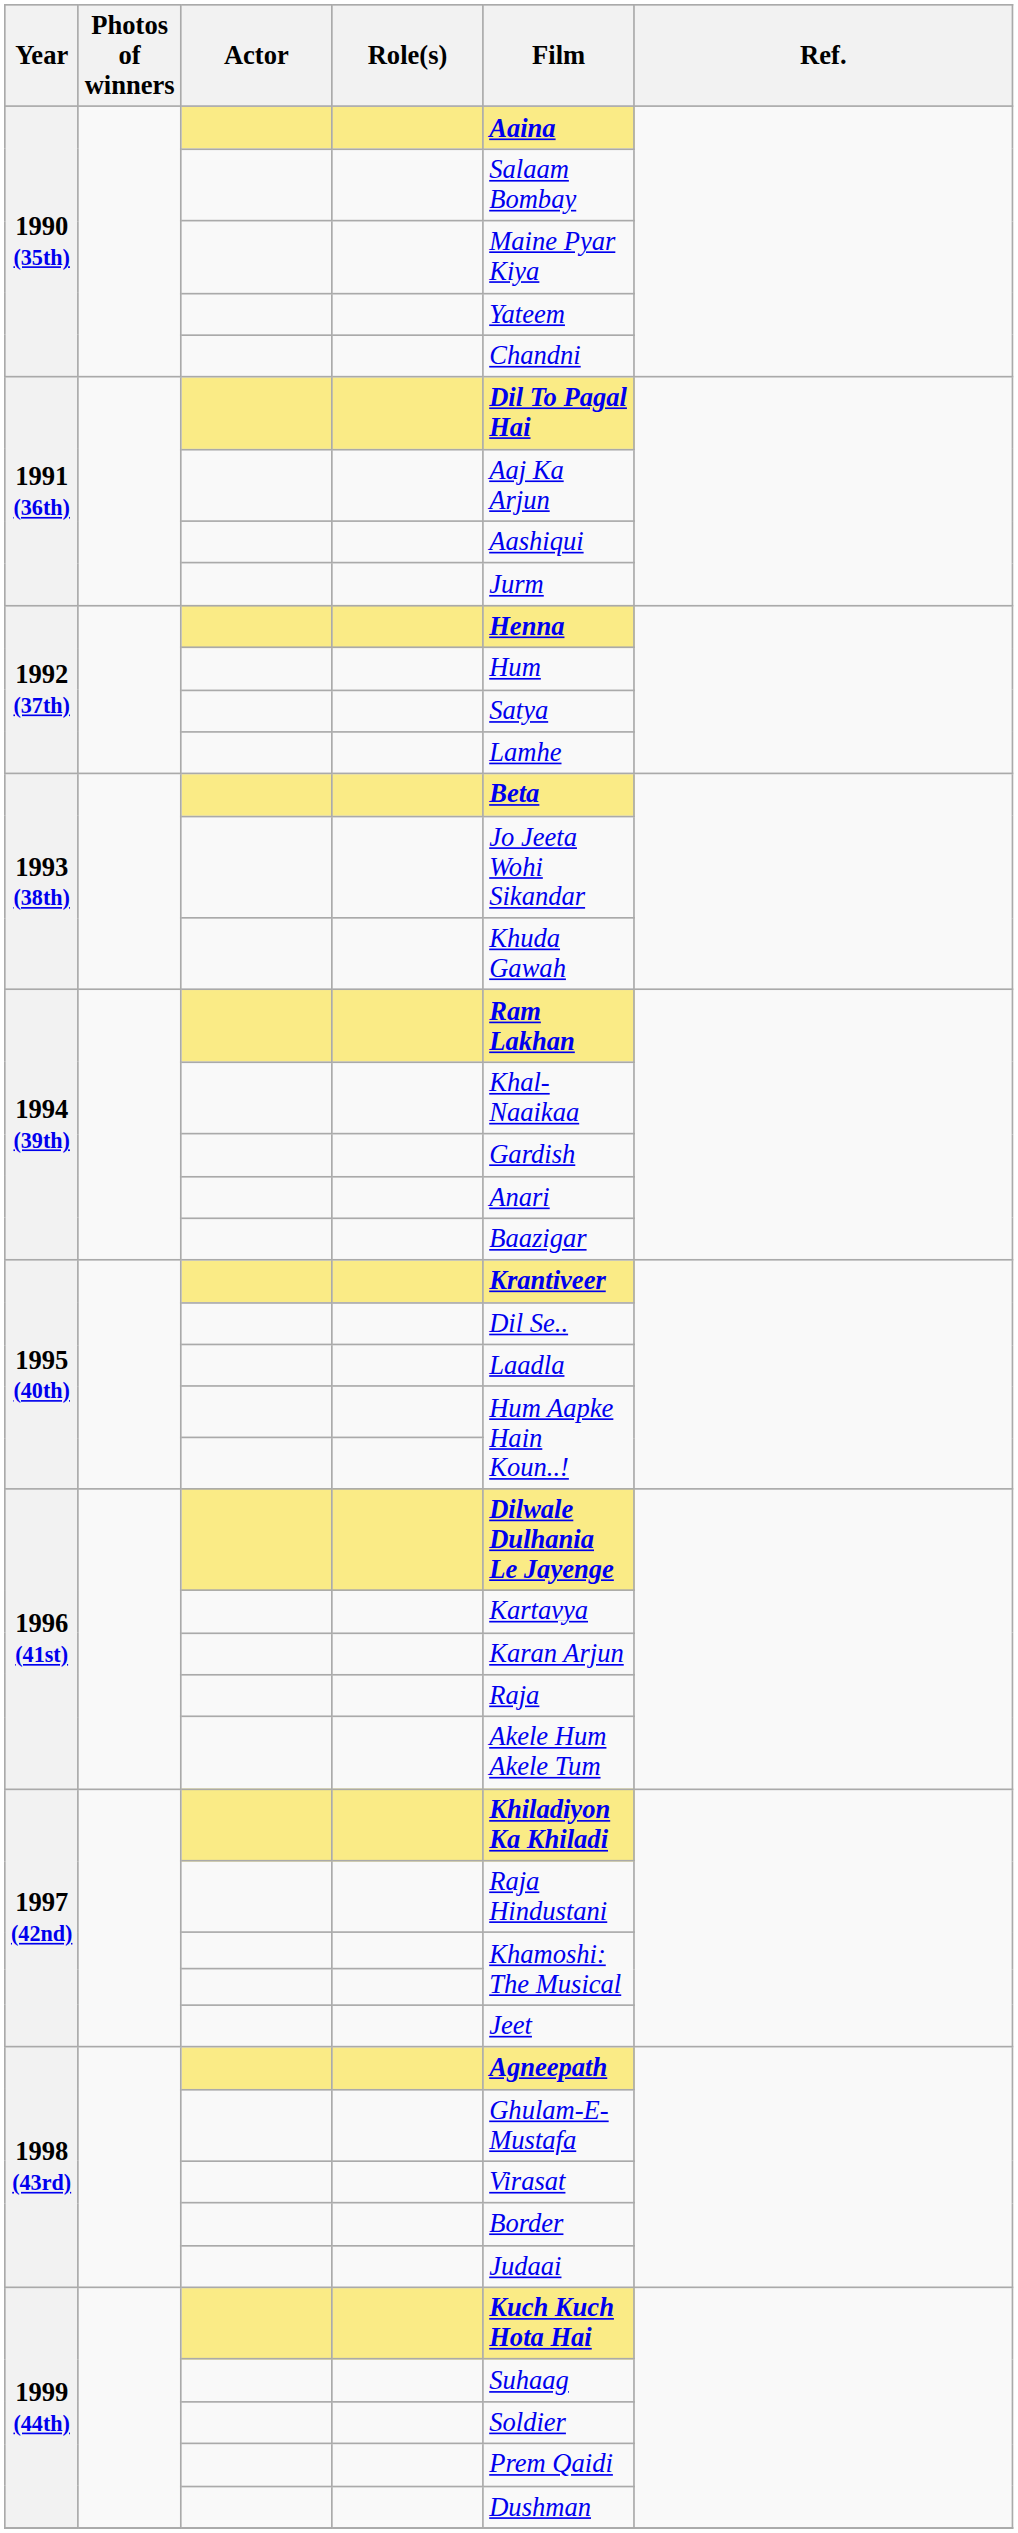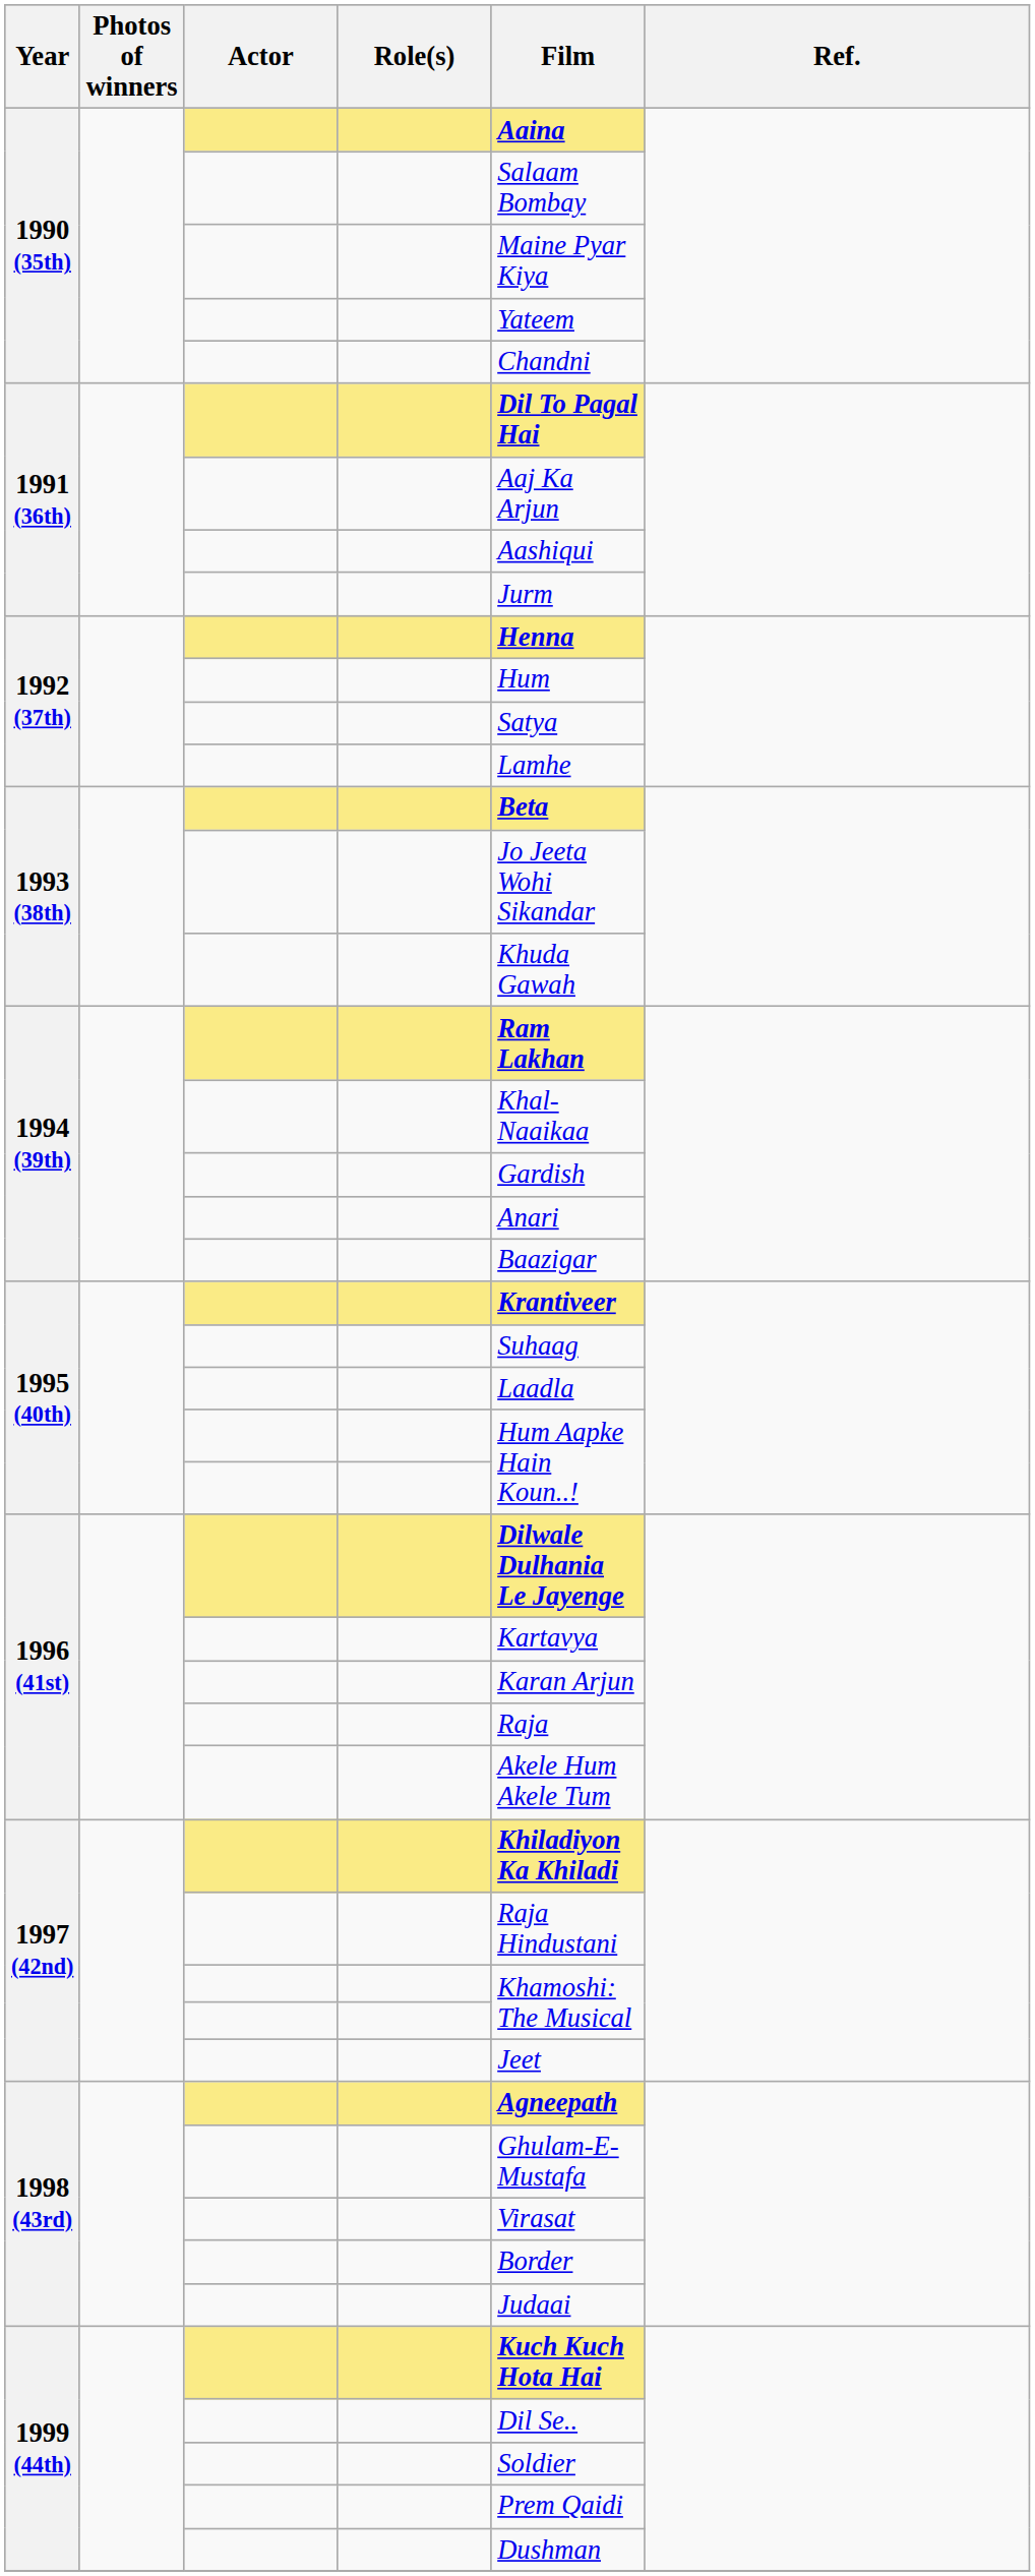 <table class="wikitable sortable" style="text-align:left;">
 <tr>
 <th scope="col" style="width:3%; text-align:center;">Year</th>
 <th scope="col" style="width:3%;text-align:center;">Photos of winners</th>
 <th scope="col" style="width:15%;text-align:center;">Actor</th>
 <th scope="col" style="width:15%;text-align:center;">Role(s)</th>
 <th scope="col" style="width:15%;text-align:center;">Film</th>
 <th>Ref.</th>
 </tr>
 <tr>
 <th scope="row" rowspan=5 style="text-align:center">1990 <br><small><a href='#'>(35th)</a> </small></th>
 <td rowspan=5 style="text-align:center"></td>
 <td style="background:#FAEB86;"><strong></strong> </td>
 <td style="background:#FAEB86;"><strong></strong></td>
 <td style="background:#FAEB86;"><strong><em><a href='#'>Aaina</a></em></strong></td>
 <td rowspan="5"></td>
 </tr>
 <tr>
 <td></td>
 <td></td>
 <td><em><a href='#'>Salaam Bombay</a></em></td>
 </tr>
 <tr>
 <td></td>
 <td></td>
 <td><em><a href='#'>Maine Pyar Kiya</a></em></td>
 </tr>
 <tr>
 <td></td>
 <td></td>
 <td><em><a href='#'>Yateem</a></em></td>
 </tr>
 <tr>
 <td></td>
 <td></td>
 <td><em><a href='#'>Chandni</a></em></td>
 </tr>
 <tr>
 <th scope="row" rowspan=4 style="text-align:center">1991 <br><small><a href='#'>(36th)</a> </small></th>
 <td rowspan=4 style="text-align:center"></td>
 <td style="background:#FAEB86;"><strong></strong> </td>
 <td style="background:#FAEB86;"><strong></strong></td>
 <td style="background:#FAEB86;"><strong><em><a href='#'>Dil To Pagal Hai</a></em></strong></td>
 <td rowspan="4"></td>
 </tr>
 <tr>
 <td></td>
 <td></td>
 <td><em><a href='#'>Aaj Ka Arjun</a></em></td>
 </tr>
 <tr>
 <td></td>
 <td></td>
 <td><em><a href='#'>Aashiqui</a></em></td>
 </tr>
 <tr>
 <td></td>
 <td></td>
 <td><em><a href='#'>Jurm</a></em></td>
 </tr>
 <tr>
 <th scope="row" rowspan=4 style="text-align:center">1992<br><small><a href='#'>(37th)</a></small></th>
 <td rowspan=4 style="text-align:center"></td>
 <td style="background:#FAEB86;"><strong></strong> </td>
 <td style="background:#FAEB86;"><strong></strong></td>
 <td style="background:#FAEB86;"><strong><em><a href='#'>Henna</a></em></strong></td>
 <td rowspan="4"></td>
 </tr>
 <tr>
 <td></td>
 <td></td>
 <td><em><a href='#'>Hum</a></em></td>
 </tr>
 <tr>
 <td></td>
 <td></td>
 <td><em><a href='#'>Satya</a></em></td>
 </tr>
 <tr>
 <td></td>
 <td></td>
 <td><em><a href='#'>Lamhe</a></em></td>
 </tr>
 <tr>
 <th scope="row" rowspan=3 style="text-align:center">1993 <br><small><a href='#'>(38th)</a> </small></th>
 <td rowspan=3 style="text-align:center"></td>
 <td style="background:#FAEB86;"><strong></strong> </td>
 <td style="background:#FAEB86;"><strong></strong></td>
 <td style="background:#FAEB86;"><strong><em><a href='#'>Beta</a></em></strong></td>
 <td rowspan="3"></td>
 </tr>
 <tr>
 <td></td>
 <td></td>
 <td><em><a href='#'>Jo Jeeta Wohi Sikandar</a></em></td>
 </tr>
 <tr>
 <td></td>
 <td></td>
 <td><em><a href='#'>Khuda Gawah</a></em></td>
 </tr>
 <tr>
 <th scope="row" rowspan=5 style="text-align:center">1994 <br><small><a href='#'>(39th)</a> </small></th>
 <td rowspan=5 style="text-align:center"></td>
 <td style="background:#FAEB86;"><strong></strong> </td>
 <td style="background:#FAEB86;"><strong></strong></td>
 <td style="background:#FAEB86;"><strong><em><a href='#'>Ram Lakhan</a></em></strong></td>
 <td rowspan="5"></td>
 </tr>
 <tr>
 <td></td>
 <td></td>
 <td><em><a href='#'>Khal-Naaikaa</a></em></td>
 </tr>
 <tr>
 <td></td>
 <td></td>
 <td><em><a href='#'>Gardish</a></em></td>
 </tr>
 <tr>
 <td></td>
 <td></td>
 <td><em><a href='#'>Anari</a></em></td>
 </tr>
 <tr>
 <td></td>
 <td></td>
 <td><em><a href='#'>Baazigar</a></em></td>
 </tr>
 <tr>
 <th scope="row" rowspan=5 style="text-align:center">1995 <br><small><a href='#'>(40th)</a> </small></th>
 <td rowspan=5 style="text-align:center"></td>
 <td style="background:#FAEB86;"><strong></strong> </td>
 <td style="background:#FAEB86;"><strong></strong></td>
 <td style="background:#FAEB86;"><strong><em><a href='#'>Krantiveer</a></em></strong></td>
 <td rowspan="5"></td>
 </tr>
 <tr>
 <td></td>
 <td></td>
-<td><em><a href='#'>Dil Se..</a></em></td>
+<td><em><a href='#'>Suhaag</a></em></td>
 </tr>
 <tr>
 <td></td>
 <td></td>
 <td><em><a href='#'>Laadla</a></em></td>
 </tr>
 <tr>
 <td></td>
 <td></td>
 <td rowspan="2"><em><a href='#'>Hum Aapke Hain Koun..!</a></em></td>
 </tr>
 <tr>
 <td></td>
 <td></td>
 </tr>
 <tr>
 <th scope="row" rowspan=5 style="text-align:center">1996<br><small><a href='#'>(41st)</a></small></th>
 <td rowspan=5 style="text-align:center"></td>
 <td style="background:#FAEB86;"><strong></strong> </td>
 <td style="background:#FAEB86;"><strong></strong></td>
 <td style="background:#FAEB86;"><strong><em><a href='#'>Dilwale Dulhania Le Jayenge</a></em></strong></td>
 <td rowspan="5"></td>
 </tr>
 <tr>
 <td></td>
 <td></td>
 <td><em><a href='#'>Kartavya</a></em></td>
 </tr>
 <tr>
 <td></td>
 <td></td>
 <td><em><a href='#'>Karan Arjun</a></em></td>
 </tr>
 <tr>
 <td></td>
 <td></td>
 <td><em><a href='#'>Raja</a></em></td>
 </tr>
 <tr>
 <td></td>
 <td></td>
 <td><em><a href='#'>Akele Hum Akele Tum</a></em></td>
 </tr>
 <tr>
 <th scope="row" rowspan=5 style="text-align:center">1997<br><small><a href='#'>(42nd)</a></small></th>
 <td rowspan=5 style="text-align:center"></td>
 <td style="background:#FAEB86;"><strong></strong> </td>
 <td style="background:#FAEB86;"><strong></strong></td>
 <td style="background:#FAEB86;"><strong><em><a href='#'>Khiladiyon Ka Khiladi</a></em></strong></td>
 <td rowspan="5"></td>
 </tr>
 <tr>
 <td></td>
 <td></td>
 <td><em><a href='#'>Raja Hindustani</a></em></td>
 </tr>
 <tr>
 <td></td>
 <td></td>
 <td rowspan="2"><em><a href='#'>Khamoshi: The Musical</a></em></td>
 </tr>
 <tr>
 <td></td>
 <td></td>
 </tr>
 <tr>
 <td></td>
 <td></td>
 <td><em><a href='#'>Jeet</a></em></td>
 </tr>
 <tr>
 <th scope="row" rowspan=5 style="text-align:center">1998<br><small><a href='#'>(43rd)</a></small></th>
 <td rowspan=5 style="text-align:center"></td>
 <td style="background:#FAEB86;"><strong></strong> </td>
 <td style="background:#FAEB86;"><strong></strong></td>
 <td style="background:#FAEB86;"><strong><em><a href='#'>Agneepath</a></em></strong></td>
 <td rowspan="5"></td>
 </tr>
 <tr>
 <td></td>
 <td></td>
 <td><em><a href='#'>Ghulam-E-Mustafa</a></em></td>
 </tr>
 <tr>
 <td></td>
 <td></td>
 <td><em><a href='#'>Virasat</a></em></td>
 </tr>
 <tr>
 <td></td>
 <td></td>
 <td><em><a href='#'>Border</a></em></td>
 </tr>
 <tr>
 <td></td>
 <td></td>
 <td><em><a href='#'>Judaai</a></em></td>
 </tr>
 <tr>
 <th scope="row" rowspan=5 style="text-align:center">1999<br><small><a href='#'>(44th)</a></small></th>
 <td rowspan=5 style="text-align:center"></td>
 <td style="background:#FAEB86;"><strong></strong> </td>
 <td style="background:#FAEB86;"><strong></strong></td>
 <td style="background:#FAEB86;"><strong><em><a href='#'>Kuch Kuch Hota Hai</a></em></strong></td>
 <td rowspan="5"></td>
 </tr>
 <tr>
 <td></td>
 <td></td>
-<td><em><a href='#'>Suhaag</a></em></td>
+<td><em><a href='#'>Dil Se..</a></em></td>
 </tr>
 <tr>
 <td></td>
 <td></td>
 <td><em><a href='#'>Soldier</a></em></td>
 </tr>
 <tr>
 <td></td>
 <td></td>
 <td><em><a href='#'>Prem Qaidi</a></em></td>
 </tr>
 <tr>
 <td></td>
 <td></td>
 <td><em><a href='#'>Dushman</a></em></td>
 </tr>
 <tr>
 </tr>
 </table>
